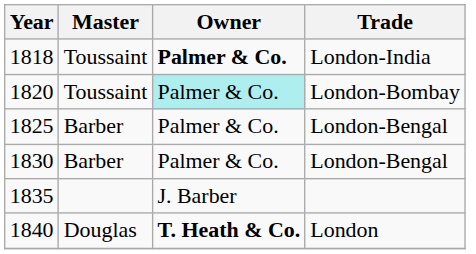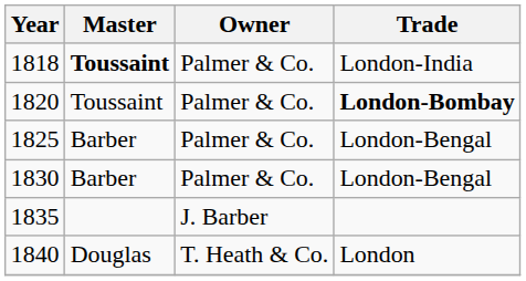 <table class="sortable wikitable">
 <tr>
 <th>Year</th>
 <th>Master</th>
 <th>Owner</th>
 <th>Trade</th>
 </tr>
 <tr>
 <td>1818</td>
-<td>Toussaint</td>
-<td><strong>Palmer & Co.</strong></td>
+<td><strong>Toussaint</strong></td>
+<td>Palmer & Co.</td>
 <td>London-India</td>
 </tr>
 <tr>
 <td>1820</td>
 <td>Toussaint</td>
-<td style="background: paleturquoise;">Palmer & Co.</td>
-<td>London-Bombay</td>
+<td>Palmer & Co.</td>
+<td><strong>London-Bombay</strong></td>
 </tr>
 <tr>
 <td>1825</td>
 <td>Barber</td>
 <td>Palmer & Co.</td>
 <td>London-Bengal</td>
 </tr>
 <tr>
 <td>1830</td>
 <td>Barber</td>
 <td>Palmer & Co.</td>
 <td>London-Bengal</td>
 </tr>
 <tr>
 <td>1835</td>
 <td></td>
 <td>J. Barber</td>
 <td></td>
 </tr>
 <tr>
 <td>1840</td>
 <td>Douglas</td>
-<td><strong>T. Heath & Co.</strong></td>
+<td>T. Heath & Co.</td>
 <td>London</td>
 </tr>
 <tr>
 </tr>
 </table>
